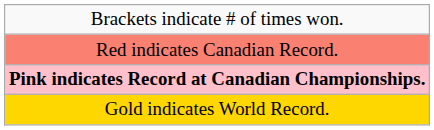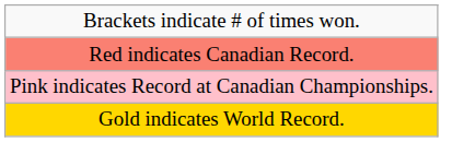 <table class="wikitable" style="text-align:center">
 <tr>
 <td>Brackets indicate # of times won.</td>
 </tr>
 <tr>
 <td bgcolor=Salmon>Red indicates Canadian Record.</td>
 </tr>
 <tr>
-<td bgcolor=Pink><strong>Pink indicates Record at Canadian Championships.</strong></td>
+<td bgcolor=Pink>Pink indicates Record at Canadian Championships.</td>
 </tr>
 <tr>
 <td bgcolor=Gold>Gold indicates World Record.</td>
 </tr>
 </table>
